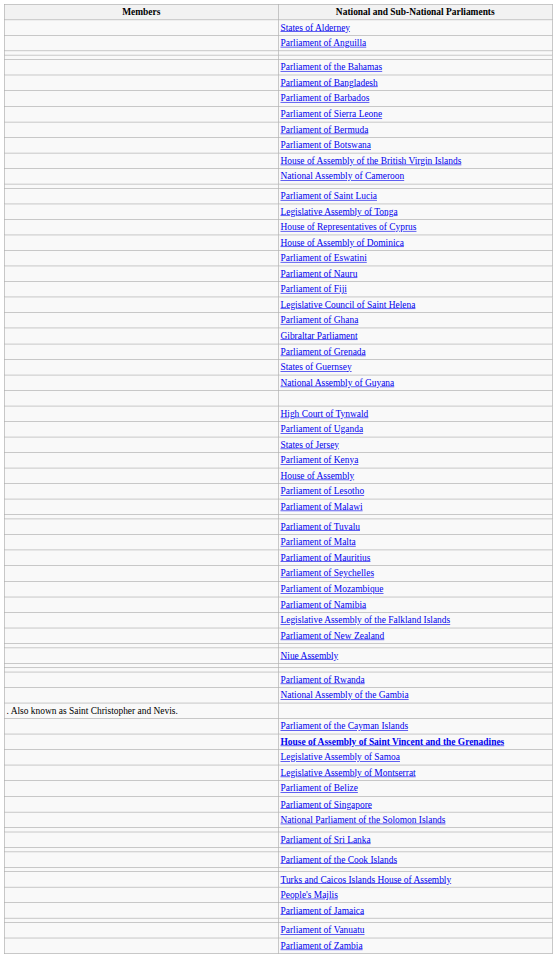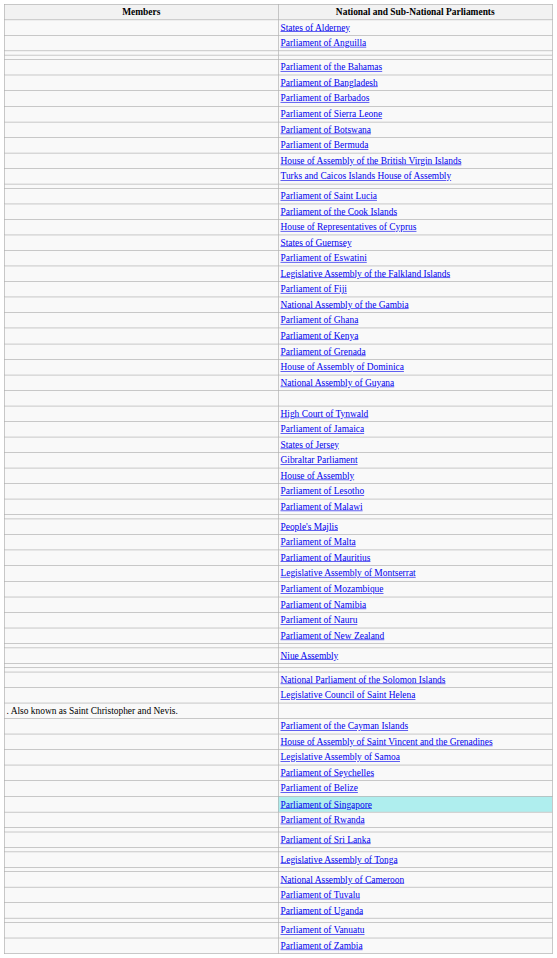 <table class="wikitable" width="70%" style="font-size: 95%;">
 <tr>
 <th width=20%>Members</th>
 <th width=20%>National and Sub-National Parliaments</th>
 </tr>
 <tr>
 <td></td>
 <td><a href='#'>States of Alderney</a></td>
 </tr>
 <tr>
 <td></td>
 <td><a href='#'>Parliament of Anguilla</a></td>
 </tr>
 <tr>
 <td></td>
 <td></td>
 </tr>
 <tr>
 <td></td>
 <td></td>
 </tr>
 <tr>
 <td></td>
 <td><a href='#'>Parliament of the Bahamas</a></td>
 </tr>
 <tr>
 <td></td>
 <td><a href='#'>Parliament of Bangladesh</a></td>
 </tr>
 <tr>
 <td></td>
 <td><a href='#'>Parliament of Barbados</a></td>
 </tr>
 <tr>
 <td></td>
 <td><a href='#'>Parliament of Sierra Leone</a></td>
 </tr>
 <tr>
 <td></td>
-<td><a href='#'>Parliament of Bermuda</a></td>
+<td><a href='#'>Parliament of Botswana</a></td>
 </tr>
 <tr>
 <td></td>
-<td><a href='#'>Parliament of Botswana</a></td>
+<td><a href='#'>Parliament of Bermuda</a></td>
 </tr>
 <tr>
 <td></td>
 <td><a href='#'>House of Assembly of the British Virgin Islands</a></td>
 </tr>
 <tr>
 <td></td>
-<td><a href='#'>National Assembly of Cameroon</a></td>
+<td><a href='#'>Turks and Caicos Islands House of Assembly</a></td>
 </tr>
 <tr>
 <td></td>
 <td></td>
 </tr>
 <tr>
 <td></td>
 <td><a href='#'>Parliament of Saint Lucia</a></td>
 </tr>
 <tr>
 <td></td>
-<td><a href='#'>Legislative Assembly of Tonga</a></td>
+<td><a href='#'>Parliament of the Cook Islands</a></td>
 </tr>
 <tr>
 <td></td>
 <td><a href='#'>House of Representatives of Cyprus</a></td>
 </tr>
 <tr>
 <td></td>
-<td><a href='#'>House of Assembly of Dominica</a></td>
+<td><a href='#'>States of Guernsey</a></td>
 </tr>
 <tr>
 <td></td>
 <td><a href='#'>Parliament of Eswatini</a></td>
 </tr>
 <tr>
 <td></td>
-<td><a href='#'>Parliament of Nauru</a></td>
+<td><a href='#'>Legislative Assembly of the Falkland Islands</a></td>
 </tr>
 <tr>
 <td></td>
 <td><a href='#'>Parliament of Fiji</a></td>
 </tr>
 <tr>
 <td></td>
-<td><a href='#'>Legislative Council of Saint Helena</a></td>
+<td><a href='#'>National Assembly of the Gambia</a></td>
 </tr>
 <tr>
 <td></td>
 <td><a href='#'>Parliament of Ghana</a></td>
 </tr>
 <tr>
 <td></td>
-<td><a href='#'>Gibraltar Parliament</a></td>
+<td><a href='#'>Parliament of Kenya</a></td>
 </tr>
 <tr>
 <td></td>
 <td><a href='#'>Parliament of Grenada</a></td>
 </tr>
 <tr>
 <td></td>
-<td><a href='#'>States of Guernsey</a></td>
+<td><a href='#'>House of Assembly of Dominica</a></td>
 </tr>
 <tr>
 <td></td>
 <td><a href='#'>National Assembly of Guyana</a></td>
 </tr>
 <tr>
 <td></td>
 <td><br></td>
 </tr>
 <tr>
 <td></td>
 <td><a href='#'>High Court of Tynwald</a></td>
 </tr>
 <tr>
 <td></td>
-<td><a href='#'>Parliament of Uganda</a></td>
+<td><a href='#'>Parliament of Jamaica</a></td>
 </tr>
 <tr>
 <td></td>
 <td><a href='#'>States of Jersey</a></td>
 </tr>
 <tr>
 <td></td>
-<td><a href='#'>Parliament of Kenya</a></td>
+<td><a href='#'>Gibraltar Parliament</a></td>
 </tr>
 <tr>
 <td></td>
 <td><a href='#'>House of Assembly</a></td>
 </tr>
 <tr>
 <td></td>
 <td><a href='#'>Parliament of Lesotho</a></td>
 </tr>
 <tr>
 <td></td>
 <td><a href='#'>Parliament of Malawi</a></td>
 </tr>
 <tr>
 <td></td>
 <td></td>
 </tr>
 <tr>
 <td></td>
-<td><a href='#'>Parliament of Tuvalu</a></td>
+<td><a href='#'>People's Majlis</a></td>
 </tr>
 <tr>
 <td></td>
 <td><a href='#'>Parliament of Malta</a></td>
 </tr>
 <tr>
 <td></td>
 <td><a href='#'>Parliament of Mauritius</a></td>
 </tr>
 <tr>
 <td></td>
-<td><a href='#'>Parliament of Seychelles</a></td>
+<td><a href='#'>Legislative Assembly of Montserrat</a></td>
 </tr>
 <tr>
 <td></td>
 <td><a href='#'>Parliament of Mozambique</a></td>
 </tr>
 <tr>
 <td></td>
 <td><a href='#'>Parliament of Namibia</a></td>
 </tr>
 <tr>
 <td></td>
-<td><a href='#'>Legislative Assembly of the Falkland Islands</a></td>
+<td><a href='#'>Parliament of Nauru</a></td>
 </tr>
 <tr>
 <td></td>
 <td><a href='#'>Parliament of New Zealand</a></td>
 </tr>
 <tr>
 <td></td>
 <td></td>
 </tr>
 <tr>
 <td></td>
 <td><a href='#'>Niue Assembly</a></td>
 </tr>
 <tr>
 <td></td>
 <td></td>
 </tr>
 <tr>
 <td></td>
 <td></td>
 </tr>
 <tr>
 <td></td>
-<td><a href='#'>Parliament of Rwanda</a></td>
+<td><a href='#'>National Parliament of the Solomon Islands</a></td>
 </tr>
 <tr>
 <td></td>
-<td><a href='#'>National Assembly of the Gambia</a></td>
+<td><a href='#'>Legislative Council of Saint Helena</a></td>
 </tr>
 <tr>
 <td>. Also known as Saint Christopher and Nevis.</td>
 <td></td>
 </tr>
 <tr>
 <td></td>
 <td><a href='#'>Parliament of the Cayman Islands</a></td>
 </tr>
 <tr>
 <td></td>
-<td><strong><a href='#'>House of Assembly of Saint Vincent and the Grenadines</a></strong></td>
+<td><a href='#'>House of Assembly of Saint Vincent and the Grenadines</a></td>
 </tr>
 <tr>
 <td></td>
 <td><a href='#'>Legislative Assembly of Samoa</a></td>
 </tr>
 <tr>
 <td></td>
-<td><a href='#'>Legislative Assembly of Montserrat</a></td>
+<td><a href='#'>Parliament of Seychelles</a></td>
 </tr>
 <tr>
 <td></td>
 <td><a href='#'>Parliament of Belize</a></td>
 </tr>
 <tr>
 <td></td>
-<td><a href='#'>Parliament of Singapore</a></td>
+<td style="background: paleturquoise;"><a href='#'>Parliament of Singapore</a></td>
 </tr>
 <tr>
 <td></td>
-<td><a href='#'>National Parliament of the Solomon Islands</a></td>
+<td><a href='#'>Parliament of Rwanda</a></td>
 </tr>
 <tr>
 <td></td>
 <td></td>
 </tr>
 <tr>
 <td></td>
 <td><a href='#'>Parliament of Sri Lanka</a></td>
 </tr>
 <tr>
 <td></td>
 <td></td>
 </tr>
 <tr>
 <td></td>
-<td><a href='#'>Parliament of the Cook Islands</a></td>
+<td><a href='#'>Legislative Assembly of Tonga</a></td>
 </tr>
 <tr>
 <td></td>
 <td></td>
 </tr>
 <tr>
 <td></td>
-<td><a href='#'>Turks and Caicos Islands House of Assembly</a></td>
+<td><a href='#'>National Assembly of Cameroon</a></td>
 </tr>
 <tr>
 <td></td>
-<td><a href='#'>People's Majlis</a></td>
+<td><a href='#'>Parliament of Tuvalu</a></td>
 </tr>
 <tr>
 <td></td>
-<td><a href='#'>Parliament of Jamaica</a></td>
+<td><a href='#'>Parliament of Uganda</a></td>
 </tr>
 <tr>
 <td></td>
 <td></td>
 </tr>
 <tr>
 <td></td>
 <td><a href='#'>Parliament of Vanuatu</a></td>
 </tr>
 <tr>
 <td></td>
 <td><a href='#'>Parliament of Zambia</a></td>
 </tr>
 </table>
